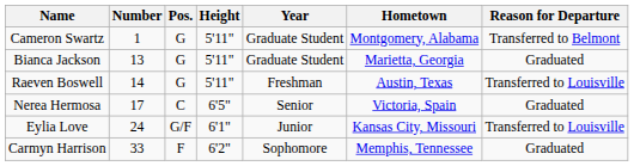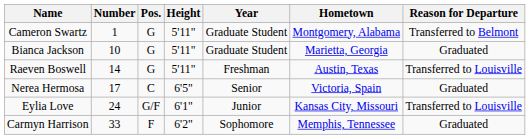 <table class="wikitable sortable" border="1" style="text-align: center;">
 <tr align=center>
 <th>Name</th>
 <th>Number</th>
 <th>Pos.</th>
 <th>Height</th>
 <th>Year</th>
 <th>Hometown</th>
 <th>Reason for Departure</th>
 </tr>
 <tr>
 <td>Cameron Swartz</td>
 <td>1</td>
 <td>G</td>
 <td>5'11"</td>
 <td>Graduate Student</td>
 <td><a href='#'>Montgomery, Alabama</a></td>
 <td>Transferred to <a href='#'>Belmont</a></td>
 </tr>
 <tr>
 <td>Bianca Jackson</td>
-<td>13</td>
+<td>10</td>
 <td>G</td>
 <td>5'11"</td>
 <td>Graduate Student</td>
 <td><a href='#'>Marietta, Georgia</a></td>
 <td>Graduated</td>
 </tr>
 <tr>
 <td>Raeven Boswell</td>
 <td>14</td>
 <td>G</td>
 <td>5'11"</td>
 <td>Freshman</td>
 <td><a href='#'>Austin, Texas</a></td>
 <td>Transferred to <a href='#'>Louisville</a></td>
 </tr>
 <tr>
 <td>Nerea Hermosa</td>
 <td>17</td>
 <td>C</td>
 <td>6'5"</td>
 <td>Senior</td>
 <td><a href='#'>Victoria, Spain</a></td>
 <td>Graduated</td>
 </tr>
 <tr>
 <td>Eylia Love</td>
 <td>24</td>
 <td>G/F</td>
 <td>6'1"</td>
 <td>Junior</td>
 <td><a href='#'>Kansas City, Missouri</a></td>
 <td>Transferred to <a href='#'>Louisville</a></td>
 </tr>
 <tr>
 <td>Carmyn Harrison</td>
 <td>33</td>
 <td>F</td>
 <td>6'2"</td>
 <td>Sophomore</td>
 <td><a href='#'>Memphis, Tennessee</a></td>
 <td>Graduated</td>
 </tr>
 </table>
